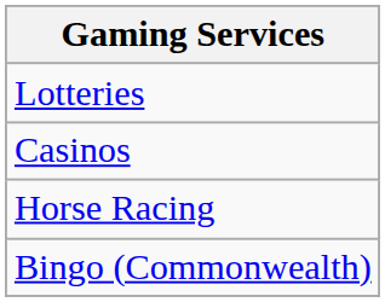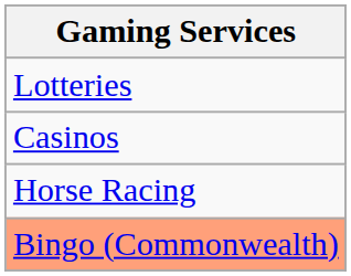 <table class="wikitable">
 <tr>
 <th>Gaming Services</th>
 </tr>
 <tr>
 <td><a href='#'>Lotteries</a></td>
 </tr>
 <tr>
 <td><a href='#'>Casinos</a></td>
 </tr>
 <tr>
 <td><a href='#'>Horse Racing</a></td>
 </tr>
 <tr>
-<td><a href='#'>Bingo (Commonwealth)</a></td>
+<td style="background: lightsalmon;"><a href='#'>Bingo (Commonwealth)</a></td>
 </tr>
 </table>
